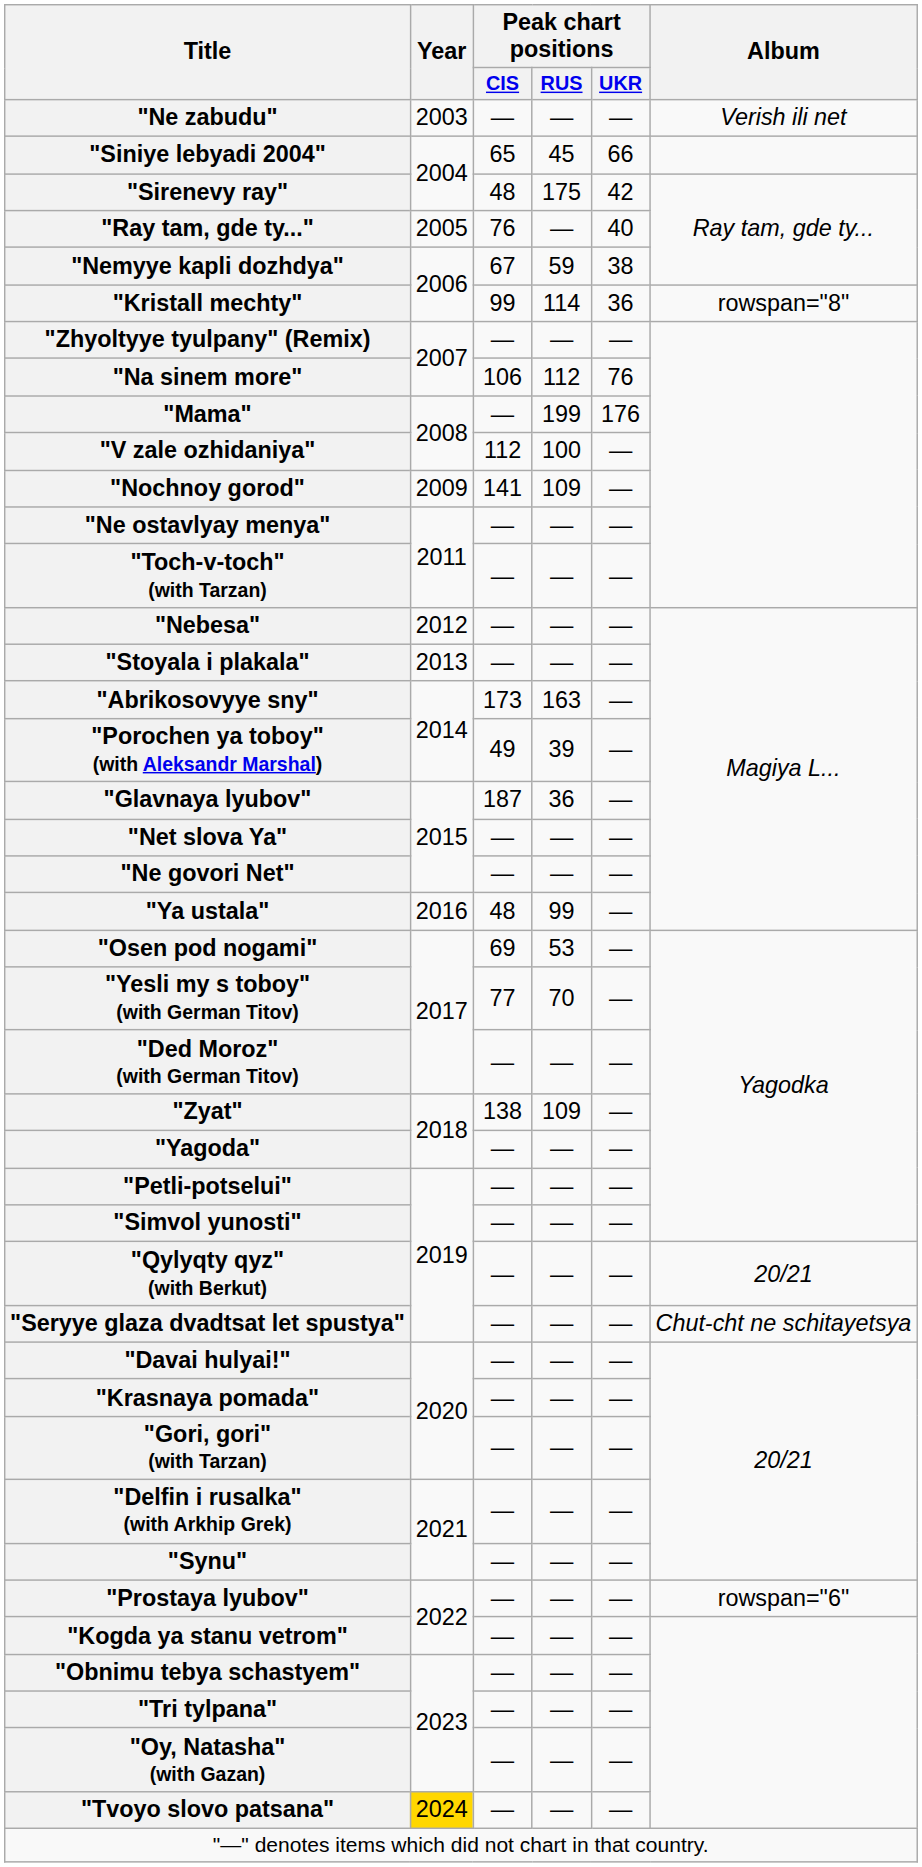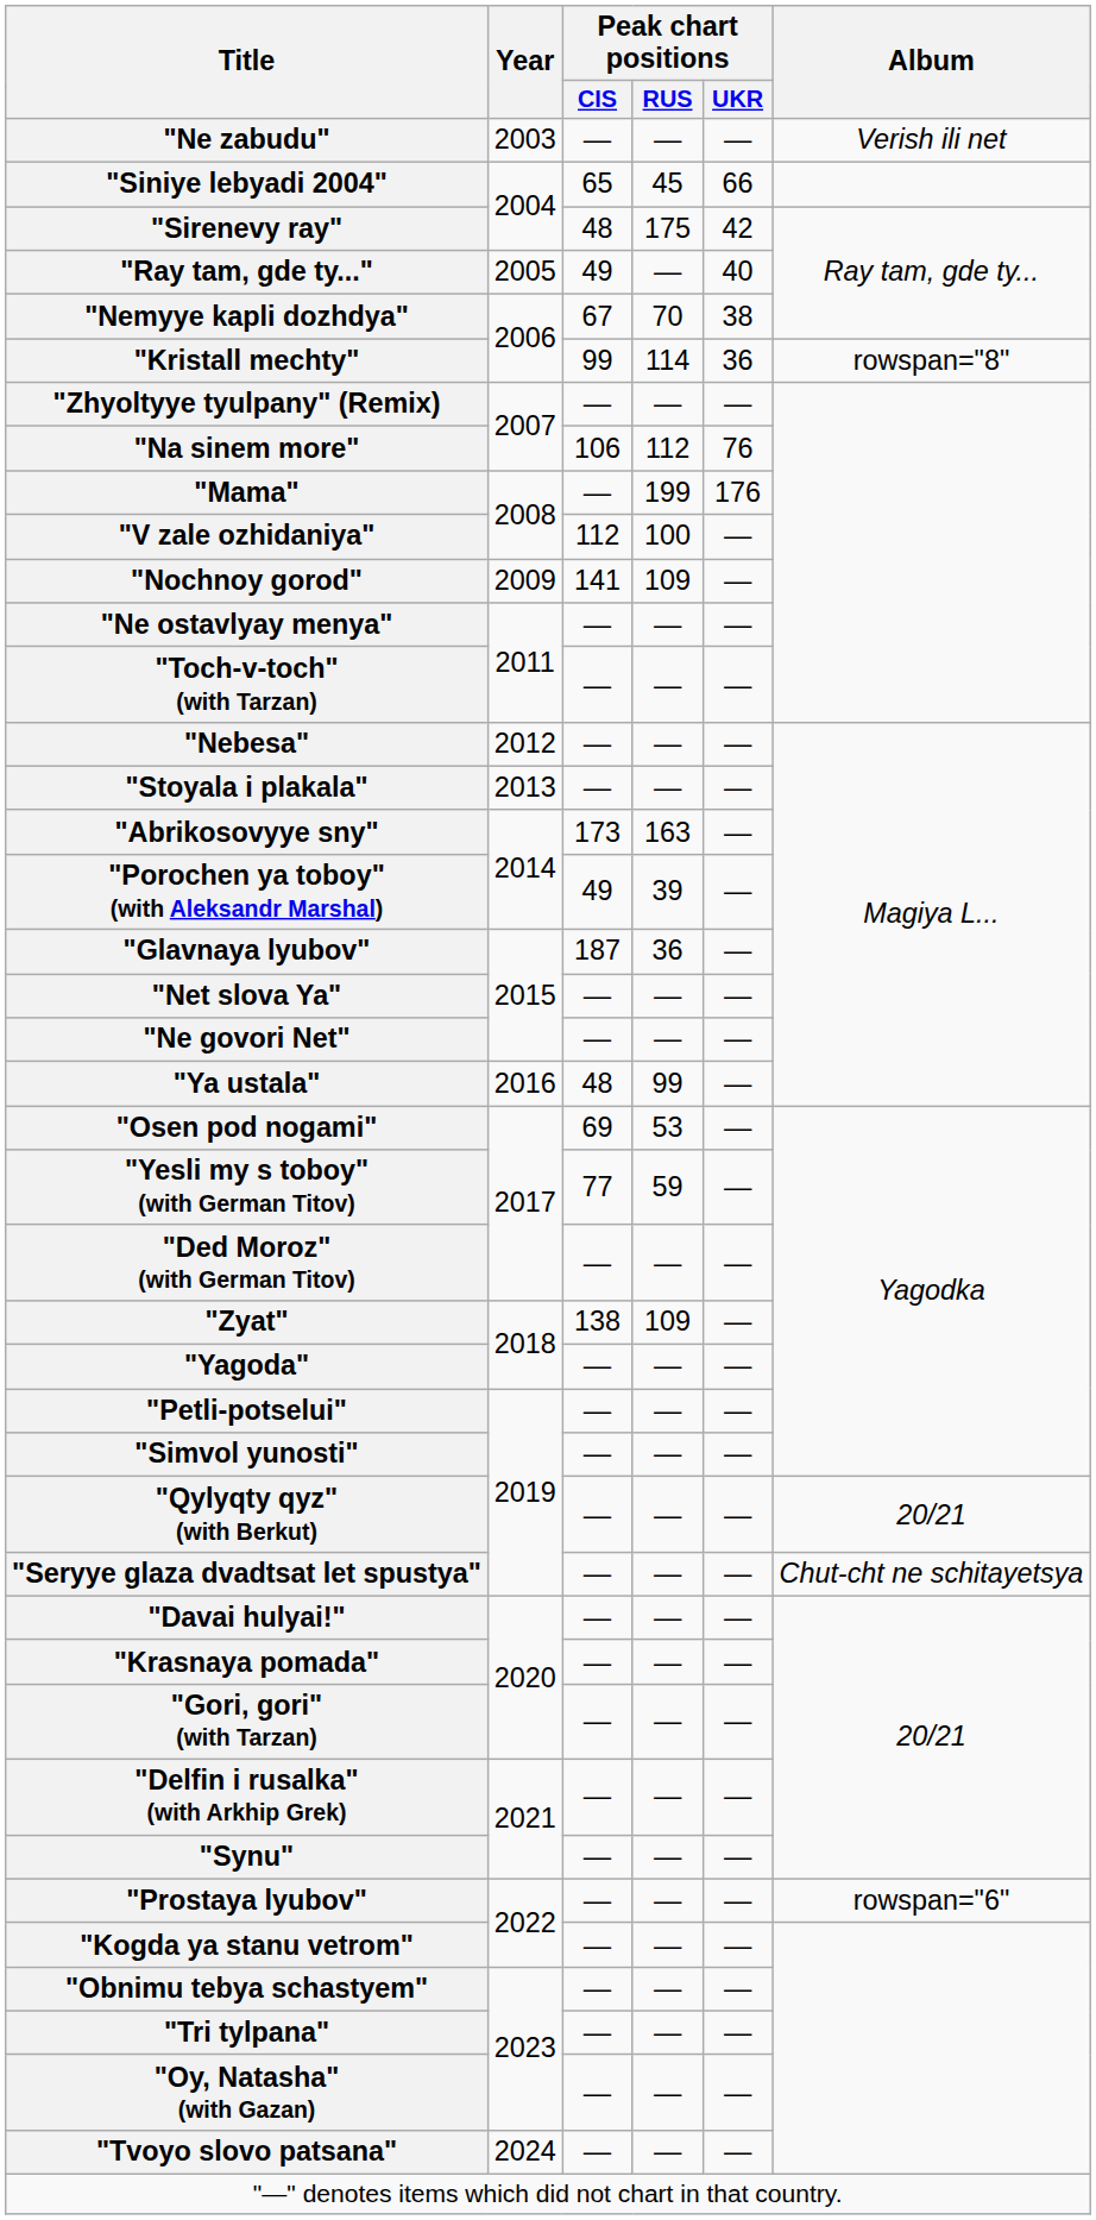 <table class="wikitable plainrowheaders" style="text-align: center;">
 <tr>
 <th scope="col" rowspan="2">Title</th>
 <th scope="col" rowspan="2">Year</th>
 <th scope="col" colspan="3">Peak chart positions</th>
 <th scope="col" rowspan="2">Album</th>
 </tr>
 <tr>
 <th scope="col" style="width:2.5em; font-size:85%;"><a href='#'>CIS</a><br></th>
 <th scope="col" style="width:2.5em; font-size:85%;"><a href='#'>RUS</a><br></th>
 <th scope="col" style="width:2.5em; font-size:85%;"><a href='#'>UKR</a><br></th>
 </tr>
 <tr>
 <th scope="row">"Ne zabudu"</th>
 <td>2003</td>
 <td>—</td>
 <td>—</td>
 <td>—</td>
 <td><em>Verish ili net</em></td>
 </tr>
 <tr>
 <th scope="row">"Siniye lebyadi 2004"</th>
 <td rowspan="2">2004</td>
 <td>65</td>
 <td>45</td>
 <td>66</td>
 <td></td>
 </tr>
 <tr>
 <th scope="row">"Sirenevy ray"</th>
 <td>48</td>
 <td>175</td>
 <td>42</td>
 <td rowspan="3"><em>Ray tam, gde ty...</em></td>
 </tr>
 <tr>
 <th scope="row">"Ray tam, gde ty..."</th>
 <td>2005</td>
-<td>76</td>
+<td>49</td>
 <td>—</td>
 <td>40</td>
 </tr>
 <tr>
 <th scope="row">"Nemyye kapli dozhdya"</th>
 <td rowspan="2">2006</td>
 <td>67</td>
-<td>59</td>
+<td>70</td>
 <td>38</td>
 </tr>
 <tr>
 <th scope="row">"Kristall mechty"</th>
 <td>99</td>
 <td>114</td>
 <td>36</td>
 <td>rowspan="8"  </td>
 </tr>
 <tr>
 <th scope="row">"Zhyoltyye tyulpany" (Remix)</th>
 <td rowspan="2">2007</td>
 <td>—</td>
 <td>—</td>
 <td>—</td>
 </tr>
 <tr>
 <th scope="row">"Na sinem more"</th>
 <td>106</td>
 <td>112</td>
 <td>76</td>
 </tr>
 <tr>
 <th scope="row">"Mama"</th>
 <td rowspan="2">2008</td>
 <td>—</td>
 <td>199</td>
 <td>176</td>
 </tr>
 <tr>
 <th scope="row">"V zale ozhidaniya"</th>
 <td>112</td>
 <td>100</td>
 <td>—</td>
 </tr>
 <tr>
 <th scope="row">"Nochnoy gorod"</th>
 <td>2009</td>
 <td>141</td>
 <td>109</td>
 <td>—</td>
 </tr>
 <tr>
 <th scope="row">"Ne ostavlyay menya"</th>
 <td rowspan="2">2011</td>
 <td>—</td>
 <td>—</td>
 <td>—</td>
 </tr>
 <tr>
 <th scope="row">"Toch-v-toch"<br> <small>(with Tarzan)</small></th>
 <td>—</td>
 <td>—</td>
 <td>—</td>
 </tr>
 <tr>
 <th scope="row">"Nebesa"</th>
 <td>2012</td>
 <td>—</td>
 <td>—</td>
 <td>—</td>
 <td rowspan="8"><em>Magiya L...</em></td>
 </tr>
 <tr>
 <th scope="row">"Stoyala i plakala"</th>
 <td>2013</td>
 <td>—</td>
 <td>—</td>
 <td>—</td>
 </tr>
 <tr>
 <th scope="row">"Abrikosovyye sny"</th>
 <td rowspan="2">2014</td>
 <td>173</td>
 <td>163</td>
 <td>—</td>
 </tr>
 <tr>
 <th scope="row">"Porochen ya toboy"<br> <small>(with <a href='#'>Aleksandr Marshal</a>)</small></th>
 <td>49</td>
 <td>39</td>
 <td>—</td>
 </tr>
 <tr>
 <th scope="row">"Glavnaya lyubov"</th>
 <td rowspan="3">2015</td>
 <td>187</td>
 <td>36</td>
 <td>—</td>
 </tr>
 <tr>
 <th scope="row">"Net slova Ya"</th>
 <td>—</td>
 <td>—</td>
 <td>—</td>
 </tr>
 <tr>
 <th scope="row">"Ne govori Net"</th>
 <td>—</td>
 <td>—</td>
 <td>—</td>
 </tr>
 <tr>
 <th scope="row">"Ya ustala"</th>
 <td>2016</td>
 <td>48</td>
 <td>99</td>
 <td>—</td>
 </tr>
 <tr>
 <th scope="row">"Osen pod nogami"</th>
 <td rowspan="3">2017</td>
 <td>69</td>
 <td>53</td>
 <td>—</td>
 <td rowspan="7"><em>Yagodka</em></td>
 </tr>
 <tr>
 <th scope="row">"Yesli my s toboy"<br> <small>(with German Titov)</small></th>
 <td>77</td>
-<td>70</td>
+<td>59</td>
 <td>—</td>
 </tr>
 <tr>
 <th scope="row">"Ded Moroz"<br> <small>(with German Titov)</small></th>
 <td>—</td>
 <td>—</td>
 <td>—</td>
 </tr>
 <tr>
 <th scope="row">"Zyat"</th>
 <td rowspan="2">2018</td>
 <td>138</td>
 <td>109</td>
 <td>—</td>
 </tr>
 <tr>
 <th scope="row">"Yagoda"</th>
 <td>—</td>
 <td>—</td>
 <td>—</td>
 </tr>
 <tr>
 <th scope="row">"Petli-potselui"</th>
 <td rowspan="4">2019</td>
 <td>—</td>
 <td>—</td>
 <td>—</td>
 </tr>
 <tr>
 <th scope="row">"Simvol yunosti"</th>
 <td>—</td>
 <td>—</td>
 <td>—</td>
 </tr>
 <tr>
 <th scope="row">"Qylyqty qyz"<br> <small>(with Berkut)</small></th>
 <td>—</td>
 <td>—</td>
 <td>—</td>
 <td><em>20/21</em></td>
 </tr>
 <tr>
 <th scope="row">"Seryye glaza dvadtsat let spustya"</th>
 <td>—</td>
 <td>—</td>
 <td>—</td>
 <td><em>Chut-cht ne schitayetsya</em></td>
 </tr>
 <tr>
 <th scope="row">"Davai hulyai!"</th>
 <td rowspan="3">2020</td>
 <td>—</td>
 <td>—</td>
 <td>—</td>
 <td rowspan="5"><em>20/21</em></td>
 </tr>
 <tr>
 <th scope="row">"Krasnaya pomada"</th>
 <td>—</td>
 <td>—</td>
 <td>—</td>
 </tr>
 <tr>
 <th scope="row">"Gori, gori"<br> <small>(with Tarzan)</small></th>
 <td>—</td>
 <td>—</td>
 <td>—</td>
 </tr>
 <tr>
 <th scope="row">"Delfin i rusalka"<br> <small>(with Arkhip Grek)</small></th>
 <td rowspan="2">2021</td>
 <td>—</td>
 <td>—</td>
 <td>—</td>
 </tr>
 <tr>
 <th scope="row">"Synu"</th>
 <td>—</td>
 <td>—</td>
 <td>—</td>
 </tr>
 <tr>
 <th scope="row">"Prostaya lyubov"</th>
 <td rowspan="2">2022</td>
 <td>—</td>
 <td>—</td>
 <td>—</td>
 <td>rowspan="6" </td>
 </tr>
 <tr>
 <th scope="row">"Kogda ya stanu vetrom"</th>
 <td>—</td>
 <td>—</td>
 <td>—</td>
 </tr>
 <tr>
 <th scope="row">"Obnimu tebya schastyem"</th>
 <td rowspan="3">2023</td>
 <td>—</td>
 <td>—</td>
 <td>—</td>
 </tr>
 <tr>
 <th scope="row">"Tri tylpana"</th>
 <td>—</td>
 <td>—</td>
 <td>—</td>
 </tr>
 <tr>
 <th scope="row">"Oy, Natasha"<br> <small>(with Gazan)</small></th>
 <td>—</td>
 <td>—</td>
 <td>—</td>
 </tr>
 <tr>
 <th scope="row">"Tvoyo slovo patsana"</th>
-<td style="background: gold;">2024</td>
+<td>2024</td>
 <td>—</td>
 <td>—</td>
 <td>—</td>
 </tr>
 <tr>
 <td colspan="6" style="font-size:90%;">"—" denotes items which did not chart in that country.</td>
 </tr>
 </table>
